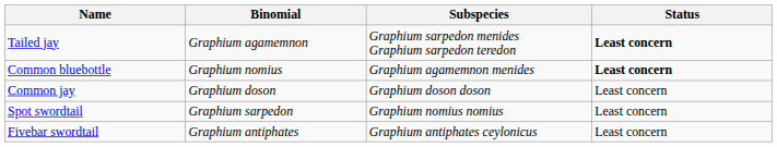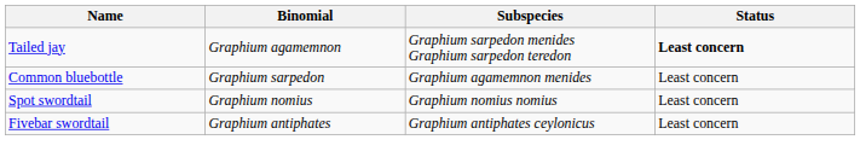 <table width=60% class="wikitable">
 <tr>
 <th width=20%>Name</th>
 <th width=20%>Binomial</th>
 <th width=25%>Subspecies</th>
 <th width=20%>Status</th>
 </tr>
 <tr>
 <td><a href='#'>Tailed jay</a><br> </td>
 <td><em>Graphium agamemnon</em></td>
 <td><em>Graphium sarpedon menides</em><br><em>Graphium sarpedon teredon</em></td>
 <td><strong>Least concern</strong></td>
 </tr>
 <tr>
 <td><a href='#'>Common bluebottle</a><br> </td>
-<td><em>Graphium nomius</em></td>
+<td><em>Graphium sarpedon</em></td>
 <td><em>Graphium agamemnon menides</em></td>
-<td><strong>Least concern</strong></td>
-</tr>
-<tr>
-<td><a href='#'>Common jay</a><br> </td>
-<td><em>Graphium doson</em></td>
-<td><em>Graphium doson doson</em></td>
 <td>Least concern</td>
 </tr>
 <tr>
 <td><a href='#'>Spot swordtail</a><br> </td>
-<td><em>Graphium sarpedon</em></td>
+<td><em>Graphium nomius</em></td>
 <td><em>Graphium nomius nomius</em></td>
 <td>Least concern</td>
 </tr>
 <tr>
 <td><a href='#'>Fivebar swordtail</a><br> </td>
 <td><em>Graphium antiphates</em></td>
 <td><em>Graphium antiphates ceylonicus</em></td>
 <td>Least concern</td>
 </tr>
 </table>
